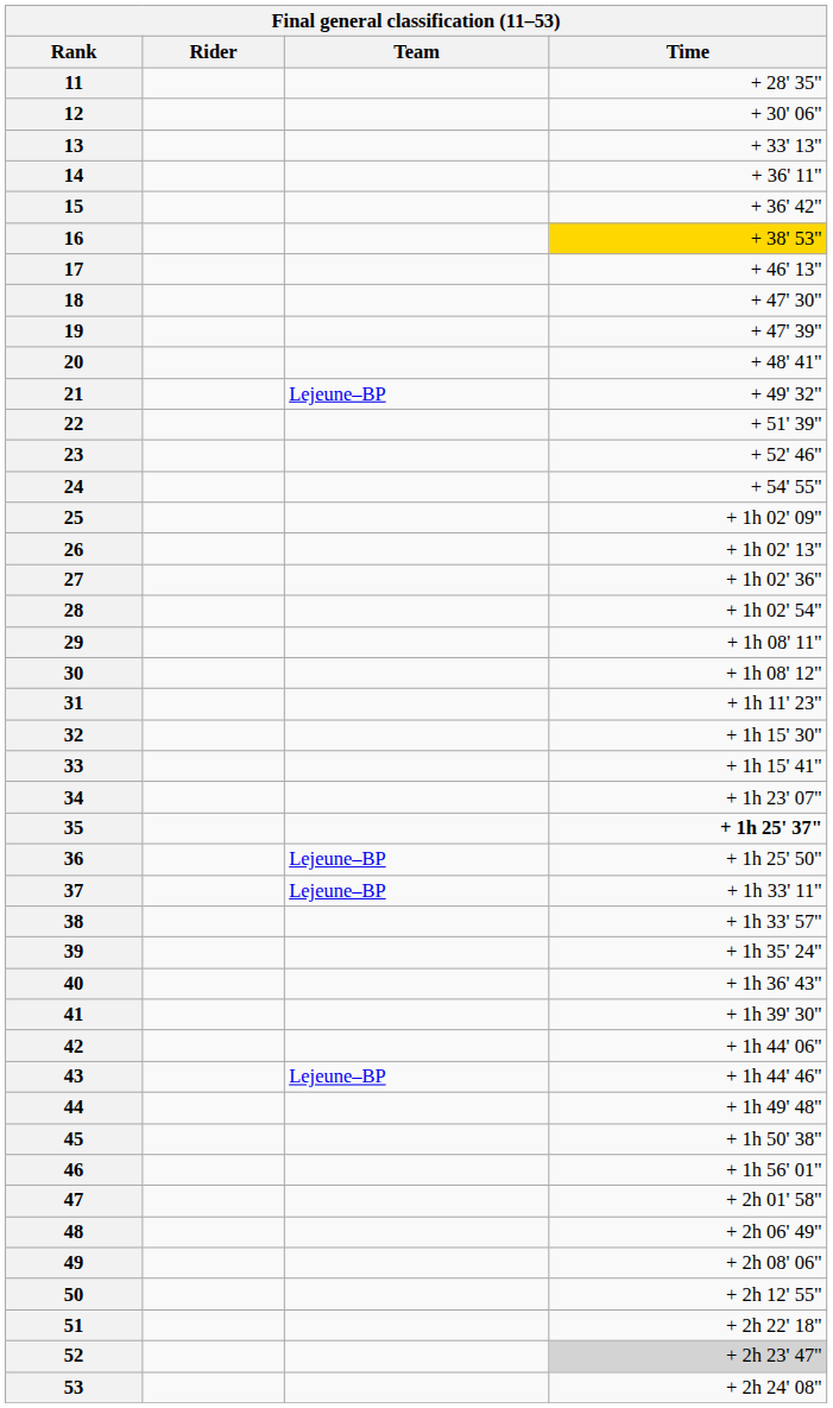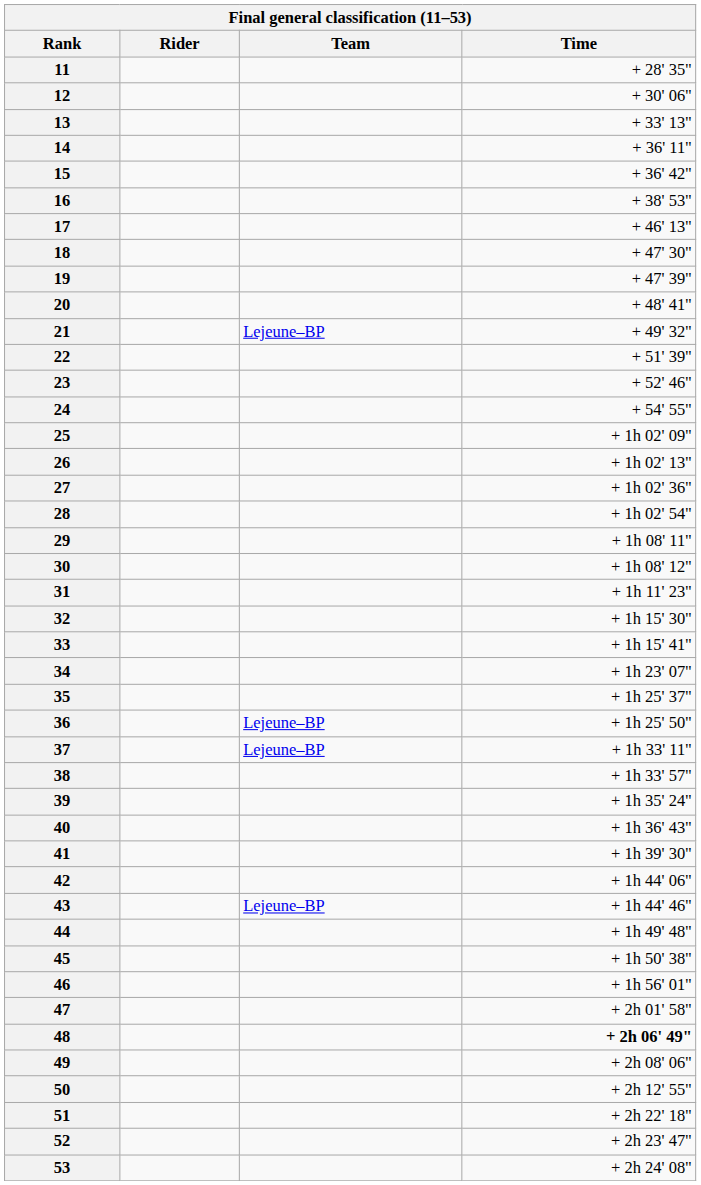 <table class="collapsible collapsed wikitable" style="width:42em;margin-top:-1px;">
 <tr>
 <th scope="col" colspan="4">Final general classification (11–53)</th>
 </tr>
 <tr>
 <th scope="col">Rank</th>
 <th scope="col">Rider</th>
 <th scope="col">Team</th>
 <th scope="col">Time</th>
 </tr>
 <tr |->
 <th scope="row">11</th>
 <td></td>
 <td></td>
 <td style="text-align:right;">+ 28' 35"</td>
 </tr>
 <tr>
 <th scope="row">12</th>
 <td></td>
 <td></td>
 <td style="text-align:right;">+ 30' 06"</td>
 </tr>
 <tr>
 <th scope="row">13</th>
 <td></td>
 <td></td>
 <td style="text-align:right;">+ 33' 13"</td>
 </tr>
 <tr>
 <th scope="row">14</th>
 <td></td>
 <td></td>
 <td style="text-align:right;">+ 36' 11"</td>
 </tr>
 <tr>
 <th scope="row">15</th>
 <td></td>
 <td></td>
 <td style="text-align:right;">+ 36' 42"</td>
 </tr>
 <tr>
 <th scope="row">16</th>
 <td></td>
 <td></td>
-<td style="background: gold; text-align:right;">+ 38' 53"</td>
+<td style="text-align:right;">+ 38' 53"</td>
 </tr>
 <tr>
 <th scope="row">17</th>
 <td></td>
 <td></td>
 <td style="text-align:right;">+ 46' 13"</td>
 </tr>
 <tr>
 <th scope="row">18</th>
 <td></td>
 <td></td>
 <td style="text-align:right;">+ 47' 30"</td>
 </tr>
 <tr>
 <th scope="row">19</th>
 <td></td>
 <td></td>
 <td style="text-align:right;">+ 47' 39"</td>
 </tr>
 <tr>
 <th scope="row">20</th>
 <td></td>
 <td></td>
 <td style="text-align:right;">+ 48' 41"</td>
 </tr>
 <tr>
 <th scope="row">21</th>
 <td></td>
 <td><a href='#'>Lejeune–BP</a></td>
 <td style="text-align:right;">+ 49' 32"</td>
 </tr>
 <tr>
 <th scope="row">22</th>
 <td></td>
 <td></td>
 <td style="text-align:right;">+ 51' 39"</td>
 </tr>
 <tr>
 <th scope="row">23</th>
 <td></td>
 <td></td>
 <td style="text-align:right;">+ 52' 46"</td>
 </tr>
 <tr>
 <th scope="row">24</th>
 <td></td>
 <td></td>
 <td style="text-align:right;">+ 54' 55"</td>
 </tr>
 <tr>
 <th scope="row">25</th>
 <td></td>
 <td></td>
 <td style="text-align:right;">+ 1h 02' 09"</td>
 </tr>
 <tr>
 <th scope="row">26</th>
 <td></td>
 <td></td>
 <td style="text-align:right;">+ 1h 02' 13"</td>
 </tr>
 <tr>
 <th scope="row">27</th>
 <td></td>
 <td></td>
 <td style="text-align:right;">+ 1h 02' 36"</td>
 </tr>
 <tr>
 <th scope="row">28</th>
 <td> </td>
 <td></td>
 <td style="text-align:right;">+ 1h 02' 54"</td>
 </tr>
 <tr>
 <th scope="row">29</th>
 <td></td>
 <td></td>
 <td style="text-align:right;">+ 1h 08' 11"</td>
 </tr>
 <tr>
 <th scope="row">30</th>
 <td></td>
 <td></td>
 <td style="text-align:right;">+ 1h 08' 12"</td>
 </tr>
 <tr>
 <th scope="row">31</th>
 <td></td>
 <td></td>
 <td style="text-align:right;">+ 1h 11' 23"</td>
 </tr>
 <tr>
 <th scope="row">32</th>
 <td></td>
 <td></td>
 <td style="text-align:right;">+ 1h 15' 30"</td>
 </tr>
 <tr>
 <th scope="row">33</th>
 <td></td>
 <td></td>
 <td style="text-align:right;">+ 1h 15' 41"</td>
 </tr>
 <tr>
 <th scope="row">34</th>
 <td></td>
 <td></td>
 <td style="text-align:right;">+ 1h 23' 07"</td>
 </tr>
 <tr>
 <th scope="row">35</th>
 <td></td>
 <td></td>
-<td style="text-align:right;"><strong>+ 1h 25' 37"</strong></td>
+<td style="text-align:right;">+ 1h 25' 37"</td>
 </tr>
 <tr>
 <th scope="row">36</th>
 <td></td>
 <td><a href='#'>Lejeune–BP</a></td>
 <td style="text-align:right;">+ 1h 25' 50"</td>
 </tr>
 <tr>
 <th scope="row">37</th>
 <td></td>
 <td><a href='#'>Lejeune–BP</a></td>
 <td style="text-align:right;">+ 1h 33' 11"</td>
 </tr>
 <tr>
 <th scope="row">38</th>
 <td></td>
 <td></td>
 <td style="text-align:right;">+ 1h 33' 57"</td>
 </tr>
 <tr>
 <th scope="row">39</th>
 <td></td>
 <td></td>
 <td style="text-align:right;">+ 1h 35' 24"</td>
 </tr>
 <tr>
 <th scope="row">40</th>
 <td></td>
 <td></td>
 <td style="text-align:right;">+ 1h 36' 43"</td>
 </tr>
 <tr>
 <th scope="row">41</th>
 <td></td>
 <td></td>
 <td style="text-align:right;">+ 1h 39' 30"</td>
 </tr>
 <tr>
 <th scope="row">42</th>
 <td></td>
 <td></td>
 <td style="text-align:right;">+ 1h 44' 06"</td>
 </tr>
 <tr>
 <th scope="row">43</th>
 <td></td>
 <td><a href='#'>Lejeune–BP</a></td>
 <td style="text-align:right;">+ 1h 44' 46"</td>
 </tr>
 <tr>
 <th scope="row">44</th>
 <td></td>
 <td></td>
 <td style="text-align:right;">+ 1h 49' 48"</td>
 </tr>
 <tr>
 <th scope="row">45</th>
 <td></td>
 <td></td>
 <td style="text-align:right;">+ 1h 50' 38"</td>
 </tr>
 <tr>
 <th scope="row">46</th>
 <td></td>
 <td></td>
 <td style="text-align:right;">+ 1h 56' 01"</td>
 </tr>
 <tr>
 <th scope="row">47</th>
 <td></td>
 <td></td>
 <td style="text-align:right;">+ 2h 01' 58"</td>
 </tr>
 <tr>
 <th scope="row">48</th>
 <td></td>
 <td></td>
-<td style="text-align:right;">+ 2h 06' 49"</td>
+<td style="text-align:right;"><strong>+ 2h 06' 49"</strong></td>
 </tr>
 <tr>
 <th scope="row">49</th>
 <td></td>
 <td></td>
 <td style="text-align:right;">+ 2h 08' 06"</td>
 </tr>
 <tr>
 <th scope="row">50</th>
 <td></td>
 <td></td>
 <td style="text-align:right;">+ 2h 12' 55"</td>
 </tr>
 <tr>
 <th scope="row">51</th>
 <td></td>
 <td></td>
 <td style="text-align:right;">+ 2h 22' 18"</td>
 </tr>
 <tr>
 <th scope="row">52</th>
 <td></td>
 <td></td>
-<td style="background: lightgrey; text-align:right;">+ 2h 23' 47"</td>
+<td style="text-align:right;">+ 2h 23' 47"</td>
 </tr>
 <tr>
 <th scope="row">53</th>
 <td></td>
 <td></td>
 <td style="text-align:right;">+ 2h 24' 08"</td>
 </tr>
 </table>
